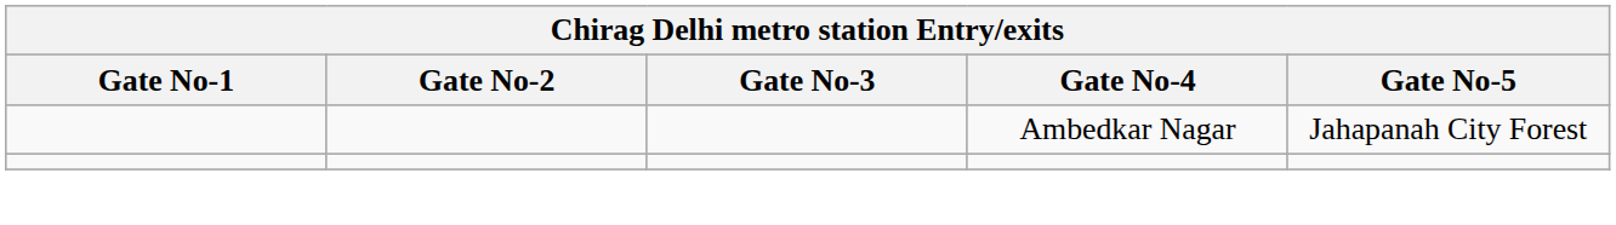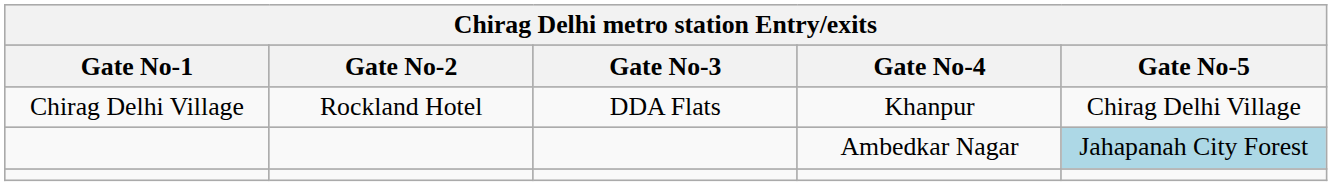 <table class="wikitable" style="text-align: center;" width="65%">
 <tr>
 <th align="center" colspan="5" style="background:#"><span>Chirag Delhi metro station Entry/exits</span></th>
 </tr>
 <tr>
 <th style="width:15%;">Gate No-1</th>
 <th style="width:15%;">Gate No-2 </th>
 <th style="width:15%;">Gate No-3 </th>
 <th style="width:15%;">Gate No-4</th>
 <th style="width:15%;">Gate No-5 </th>
 </tr>
 <tr>
+<td>Chirag Delhi Village</td>
+<td>Rockland Hotel</td>
+<td>DDA Flats</td>
+<td>Khanpur</td>
+<td>Chirag Delhi Village</td>
+</tr>
+<tr>
 <td></td>
 <td></td>
 <td></td>
 <td>Ambedkar Nagar</td>
-<td>Jahapanah City Forest</td>
+<td style="background: lightblue;">Jahapanah City Forest</td>
 </tr>
 <tr>
 <td></td>
 <td></td>
 <td></td>
 <td></td>
 <td></td>
 </tr>
 </table>
